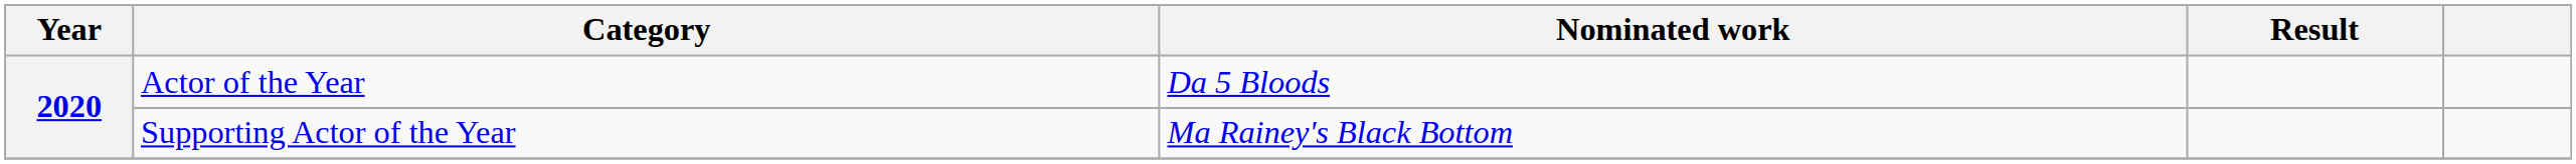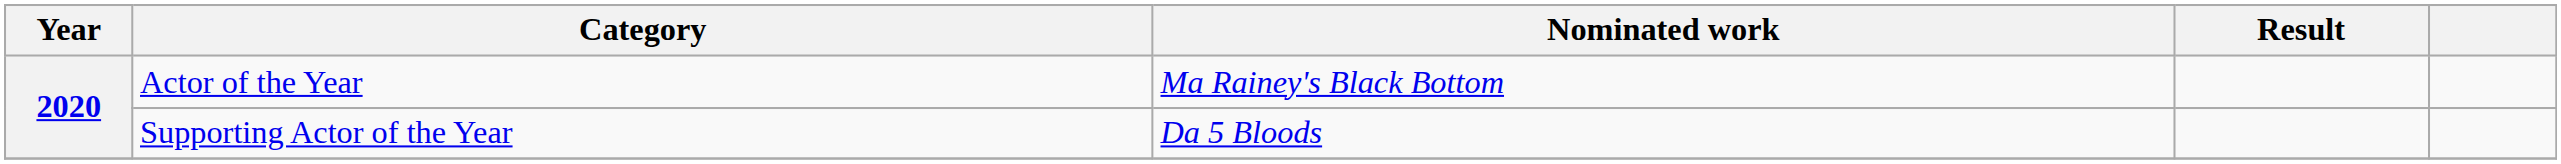 <table class="wikitable plainrowheaders" style="width:100%;">
 <tr>
 <th scope="col" style="width:5%;">Year</th>
 <th scope="col" style="width:40%;">Category</th>
 <th scope="col" style="width:40%;">Nominated work</th>
 <th scope="col" style="width:10%;">Result</th>
 <th scope="col" style="width:5%;"></th>
 </tr>
 <tr>
 <th scope="row" style="text-align:center;" rowspan="2"><a href='#'>2020</a></th>
 <td><a href='#'>Actor of the Year</a></td>
-<td><em><a href='#'>Da 5 Bloods</a></em></td>
+<td><em><a href='#'>Ma Rainey's Black Bottom</a></em></td>
 <td></td>
 <td style="text-align:center;"></td>
 </tr>
 <tr>
 <td><a href='#'>Supporting Actor of the Year</a></td>
-<td><em><a href='#'>Ma Rainey's Black Bottom</a></em></td>
+<td><em><a href='#'>Da 5 Bloods</a></em></td>
 <td></td>
 <td style="text-align:center;"></td>
 </tr>
 <tr>
 </tr>
 </table>
